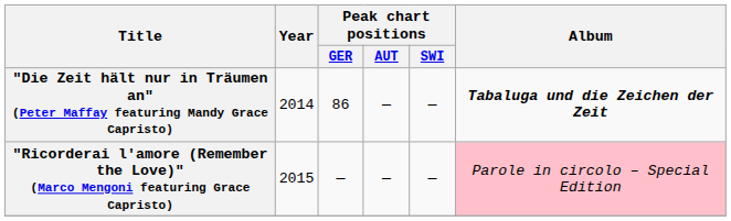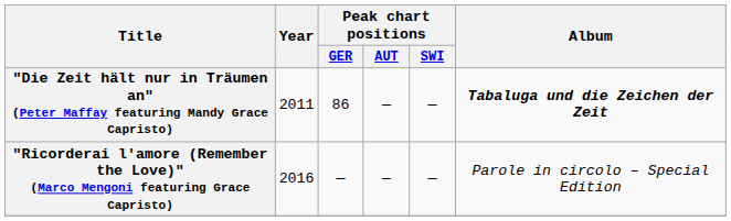 <table class="wikitable plainrowheaders" style="text-align:center;">
 <tr>
 <th scope="col" rowspan="2" style="width:18em;">Title</th>
 <th scope="col" rowspan="2">Year</th>
 <th colspan="3" scope="col">Peak chart positions</th>
 <th scope="col" rowspan="2" style="width:18em;">Album</th>
 </tr>
 <tr>
 <th scope="col" style="width:3em;font-size:90%;"><a href='#'>GER</a><br></th>
 <th scope="col" style="width:3em;font-size:90%;"><a href='#'>AUT</a><br></th>
 <th scope="col" style="width:3em;font-size:90%;"><a href='#'>SWI</a><br></th>
 </tr>
 <tr>
 <th scope="row">"Die Zeit hält nur in Träumen an" <br> <small>(<a href='#'>Peter Maffay</a> featuring Mandy Grace Capristo)</small></th>
-<td rowspan="1">2014</td>
+<td rowspan="1">2011</td>
 <td>86</td>
 <td>—</td>
 <td>—</td>
 <td><strong><em>Tabaluga und die Zeichen der Zeit</em></strong></td>
 </tr>
 <tr>
 <th scope="row">"Ricorderai l'amore (Remember the Love)" <br> <small>(<a href='#'>Marco Mengoni</a> featuring Grace Capristo)</small></th>
-<td rowspan="1">2015</td>
+<td rowspan="1">2016</td>
 <td>—</td>
 <td>—</td>
 <td>—</td>
-<td style="background: pink;"><em>Parole in circolo – Special Edition</em></td>
+<td><em>Parole in circolo – Special Edition</em></td>
 </tr>
 <tr>
 </tr>
 </table>
